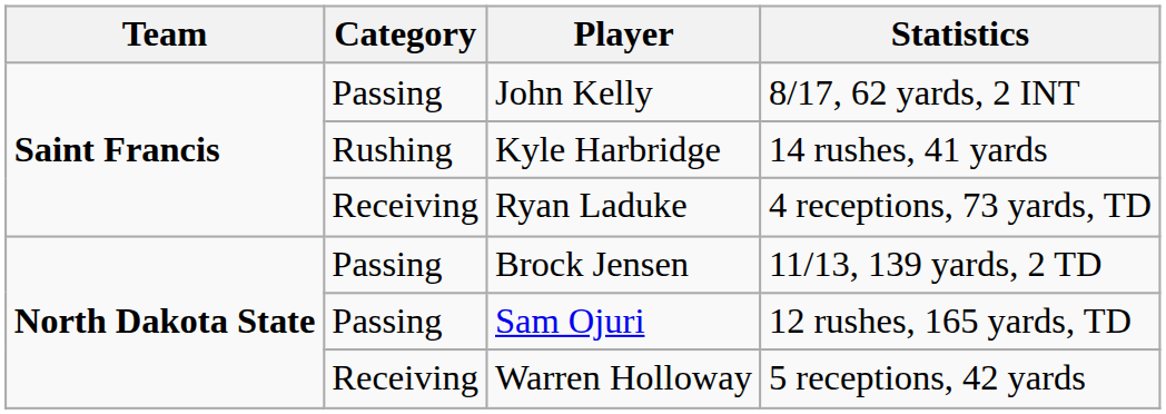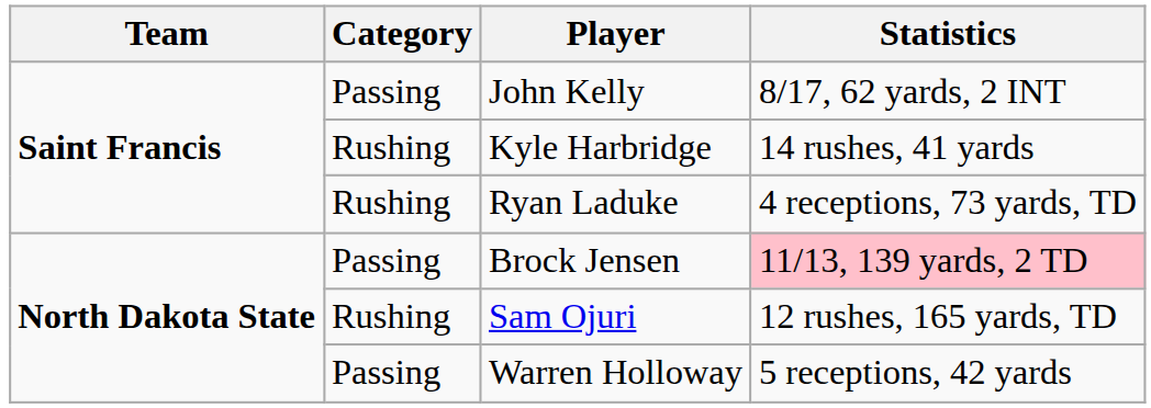 <table class="wikitable" style="float: right;">
 <tr>
 <th>Team</th>
 <th>Category</th>
 <th>Player</th>
 <th>Statistics</th>
 </tr>
 <tr>
 <td rowspan=3><strong>Saint Francis</strong></td>
 <td>Passing</td>
 <td>John Kelly</td>
 <td>8/17, 62 yards, 2 INT</td>
 </tr>
 <tr>
 <td>Rushing</td>
 <td>Kyle Harbridge</td>
 <td>14 rushes, 41 yards</td>
 </tr>
 <tr>
-<td>Receiving</td>
+<td>Rushing</td>
 <td>Ryan Laduke</td>
 <td>4 receptions, 73 yards, TD</td>
 </tr>
 <tr>
 <td rowspan=3><strong>North Dakota State</strong></td>
 <td>Passing</td>
 <td>Brock Jensen</td>
-<td>11/13, 139 yards, 2 TD</td>
+<td style="background: pink;">11/13, 139 yards, 2 TD</td>
 </tr>
 <tr>
-<td>Passing</td>
+<td>Rushing</td>
 <td><a href='#'>Sam Ojuri</a></td>
 <td>12 rushes, 165 yards, TD</td>
 </tr>
 <tr>
-<td>Receiving</td>
+<td>Passing</td>
 <td>Warren Holloway</td>
 <td>5 receptions, 42 yards</td>
 </tr>
 </table>
